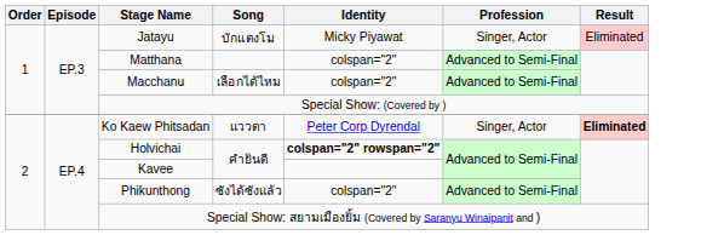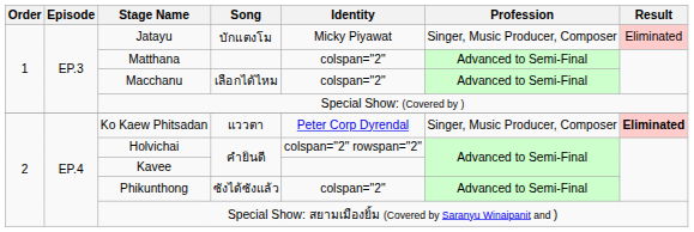 <table class="wikitable" style="text-align:center">
 <tr>
 <th>Order</th>
 <th>Episode</th>
 <th>Stage Name</th>
 <th>Song</th>
 <th>Identity</th>
 <th>Profession</th>
 <th>Result</th>
 </tr>
 <tr>
 <td rowspan="4">1</td>
 <td rowspan="4">EP.3</td>
 <td>Jatayu</td>
 <td>บักแตงโม</td>
 <td>Micky Piyawat</td>
-<td>Singer, Actor</td>
+<td>Singer, Music Producer, Composer</td>
 <td style="text-align:center; background:#ffcccc;">Eliminated</td>
 </tr>
 <tr>
 <td>Matthana</td>
 <td></td>
 <td>colspan="2"  </td>
 <td style="text-align:center; background:#ccffcc;">Advanced to Semi-Final</td>
 </tr>
 <tr>
 <td>Macchanu</td>
 <td>เลือกได้ไหม</td>
 <td>colspan="2"  </td>
 <td style="text-align:center; background:#ccffcc;">Advanced to Semi-Final</td>
 </tr>
 <tr>
 <td colspan="5">Special Show:  <small>(Covered by )</small></td>
 </tr>
 <tr>
 </tr>
 <tr>
 </tr>
 <tr>
 </tr>
 <tr>
 </tr>
 <tr>
 <td rowspan="6">2</td>
 <td rowspan="6">EP.4</td>
 </tr>
 <tr>
 <td>Ko Kaew Phitsadan</td>
 <td>แววตา</td>
 <td><a href='#'>Peter Corp Dyrendal</a></td>
-<td>Singer, Actor</td>
+<td>Singer, Music Producer, Composer</td>
 <td style="text-align:center; background:#ffcccc;"><strong>Eliminated</strong></td>
 </tr>
 <tr>
 <td>Holvichai</td>
 <td rowspan="2">คำยินดี</td>
-<td><strong>colspan="2" rowspan="2" </strong></td>
+<td>colspan="2" rowspan="2" </td>
 <td rowspan="2" style="text-align:center; background:#ccffcc;">Advanced to Semi-Final</td>
 </tr>
 <tr>
 <td style="text-align:center;">Kavee</td>
 </tr>
 <tr>
 <td>Phikunthong</td>
 <td>ซังได้ซังแล้ว</td>
 <td>colspan="2"  </td>
 <td style="text-align:center; background:#ccffcc;">Advanced to Semi-Final</td>
 </tr>
 <tr>
 <td colspan="6">Special Show: สยามเมืองยิ้ม <small>(Covered by <a href='#'>Saranyu Winaipanit</a> and </small>)</td>
 </tr>
 </table>
